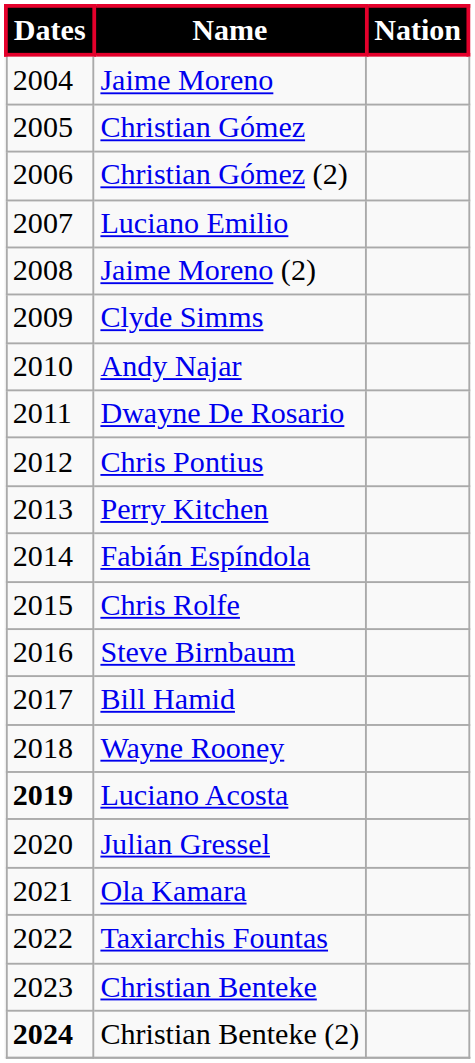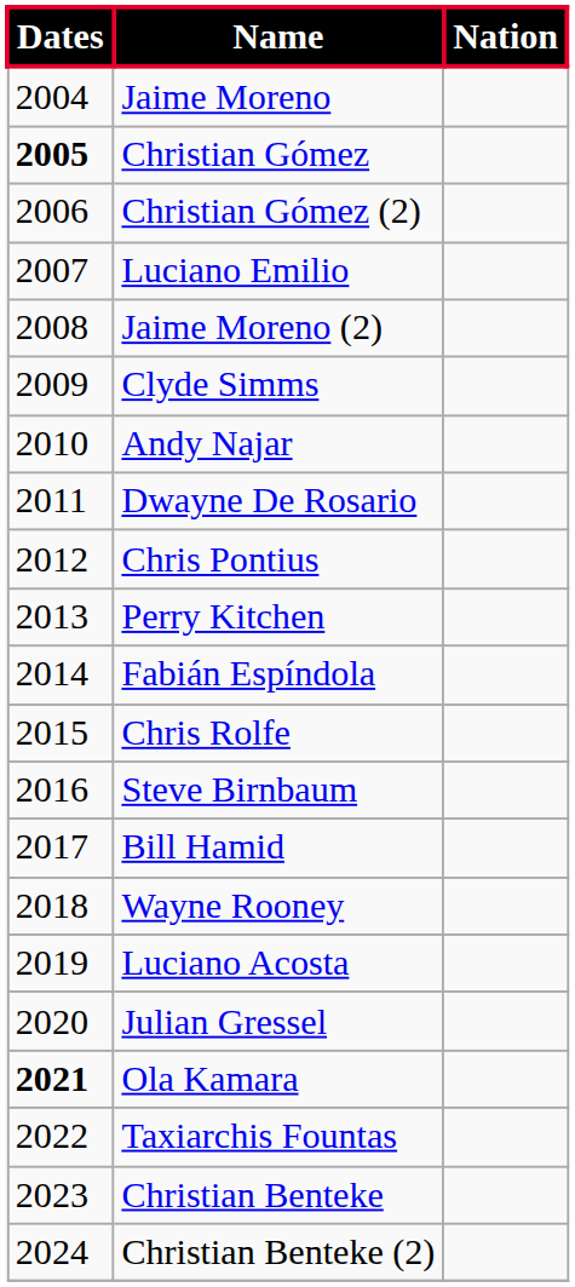 <table class="wikitable sortable">
 <tr>
 <th style="background:#000; color:#fff; border:2px solid #E4002B;" scope="col">Dates</th>
 <th style="background:#000; color:#fff; border:2px solid #E4002B;" scope="col">Name</th>
 <th style="background:#000; color:#fff; border:2px solid #E4002B;" scope="col">Nation</th>
 </tr>
 <tr>
 <td>2004</td>
 <td><a href='#'>Jaime Moreno</a></td>
 <td></td>
 </tr>
 <tr>
-<td>2005</td>
+<td><strong>2005</strong></td>
 <td><a href='#'>Christian Gómez</a></td>
 <td></td>
 </tr>
 <tr>
 <td>2006</td>
 <td><a href='#'>Christian Gómez</a> (2)</td>
 <td></td>
 </tr>
 <tr>
 <td>2007</td>
 <td><a href='#'>Luciano Emilio</a></td>
 <td></td>
 </tr>
 <tr>
 <td>2008</td>
 <td><a href='#'>Jaime Moreno</a> (2)</td>
 <td></td>
 </tr>
 <tr>
 <td>2009</td>
 <td><a href='#'>Clyde Simms</a></td>
 <td></td>
 </tr>
 <tr>
 <td>2010</td>
 <td><a href='#'>Andy Najar</a></td>
 <td></td>
 </tr>
 <tr>
 <td>2011</td>
 <td><a href='#'>Dwayne De Rosario</a></td>
 <td></td>
 </tr>
 <tr>
 <td>2012</td>
 <td><a href='#'>Chris Pontius</a></td>
 <td></td>
 </tr>
 <tr>
 <td>2013</td>
 <td><a href='#'>Perry Kitchen</a></td>
 <td></td>
 </tr>
 <tr>
 <td>2014</td>
 <td><a href='#'>Fabián Espíndola</a></td>
 <td></td>
 </tr>
 <tr>
 <td>2015</td>
 <td><a href='#'>Chris Rolfe</a></td>
 <td></td>
 </tr>
 <tr>
 <td>2016</td>
 <td><a href='#'>Steve Birnbaum</a></td>
 <td></td>
 </tr>
 <tr>
 <td>2017</td>
 <td><a href='#'>Bill Hamid</a></td>
 <td></td>
 </tr>
 <tr>
 <td>2018</td>
 <td><a href='#'>Wayne Rooney</a></td>
 <td></td>
 </tr>
 <tr>
-<td><strong>2019</strong></td>
+<td>2019</td>
 <td><a href='#'>Luciano Acosta</a></td>
 <td></td>
 </tr>
 <tr>
 <td>2020</td>
 <td><a href='#'>Julian Gressel</a></td>
 <td></td>
 </tr>
 <tr>
-<td>2021</td>
+<td><strong>2021</strong></td>
 <td><a href='#'>Ola Kamara</a></td>
 <td></td>
 </tr>
 <tr>
 <td>2022</td>
 <td><a href='#'>Taxiarchis Fountas</a></td>
 <td></td>
 </tr>
 <tr>
 <td>2023</td>
 <td><a href='#'>Christian Benteke</a></td>
 <td></td>
 </tr>
 <tr>
-<td><strong>2024</strong></td>
+<td>2024</td>
 <td>Christian Benteke (2)</td>
 <td></td>
 </tr>
 <tr>
 </tr>
 </table>
